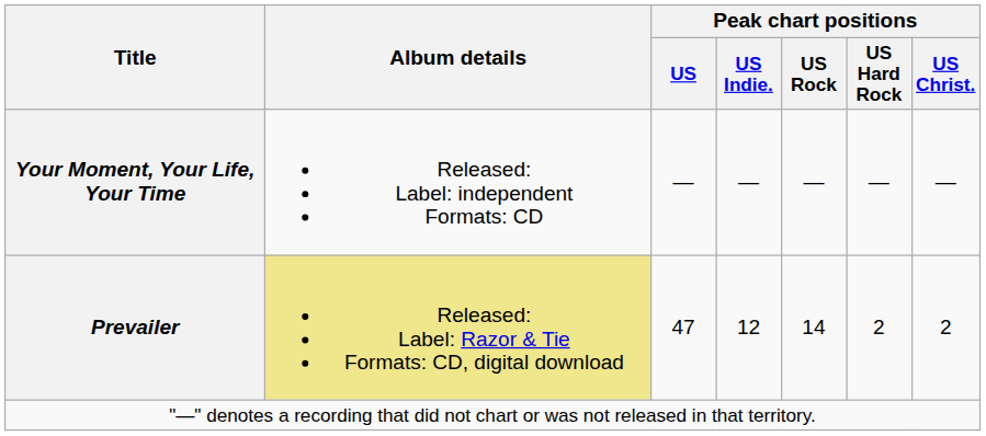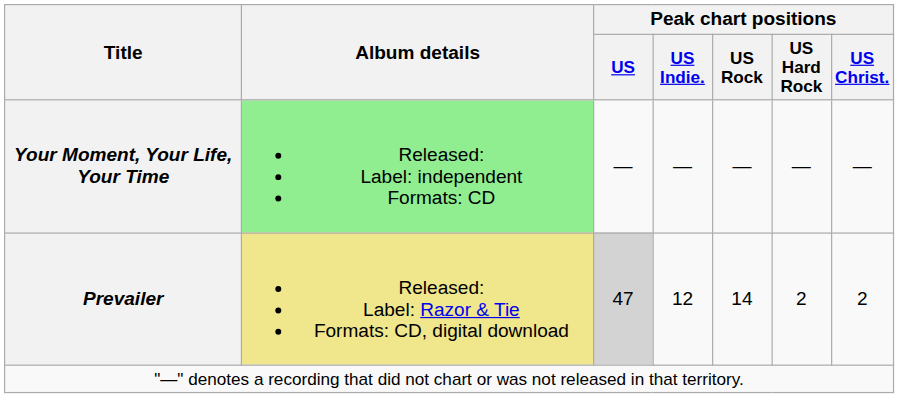 <table class="wikitable plainrowheaders" style="text-align:center;">
 <tr>
 <th scope="col" rowspan="2" style="width:12em;">Title</th>
 <th scope="col" rowspan="2" style="width:18em;">Album details</th>
 <th scope="col" colspan="10">Peak chart positions</th>
 </tr>
 <tr>
 <th scope="col" style="width:3em;font-size:90%;"><a href='#'>US</a><br></th>
 <th scope="col" style="width:3em;font-size:90%;"><a href='#'>US<br>Indie.</a><br></th>
 <th scope="col" style="width:3em;font-size:90%;">US<br>Rock<br></th>
 <th scope="col" style="width:3em;font-size:90%;">US<br>Hard Rock<br></th>
 <th scope="col" style="width:3em;font-size:90%;"><a href='#'>US<br>Christ.</a><br></th>
 </tr>
 <tr>
 <th scope="row"><em>Your Moment, Your Life, Your Time</em></th>
-<td><br><ul><li>Released: </li><li>Label: independent</li><li>Formats: CD</li></ul></td>
+<td style="background: lightgreen;"><br><ul><li>Released: </li><li>Label: independent</li><li>Formats: CD</li></ul></td>
 <td>—</td>
 <td>—</td>
 <td>—</td>
 <td>—</td>
 <td>—</td>
 </tr>
 <tr>
 <th scope="row"><em> Prevailer </em></th>
 <td style="background: khaki;"><br><ul><li>Released: </li><li>Label: <a href='#'>Razor & Tie</a></li><li>Formats: CD, digital download</li></ul></td>
-<td>47</td>
+<td style="background: lightgrey;">47</td>
 <td>12</td>
 <td>14</td>
 <td>2</td>
 <td>2</td>
 </tr>
 <tr>
 <td colspan="15" style="font-size:90%">"—" denotes a recording that did not chart or was not released in that territory.</td>
 </tr>
 </table>
